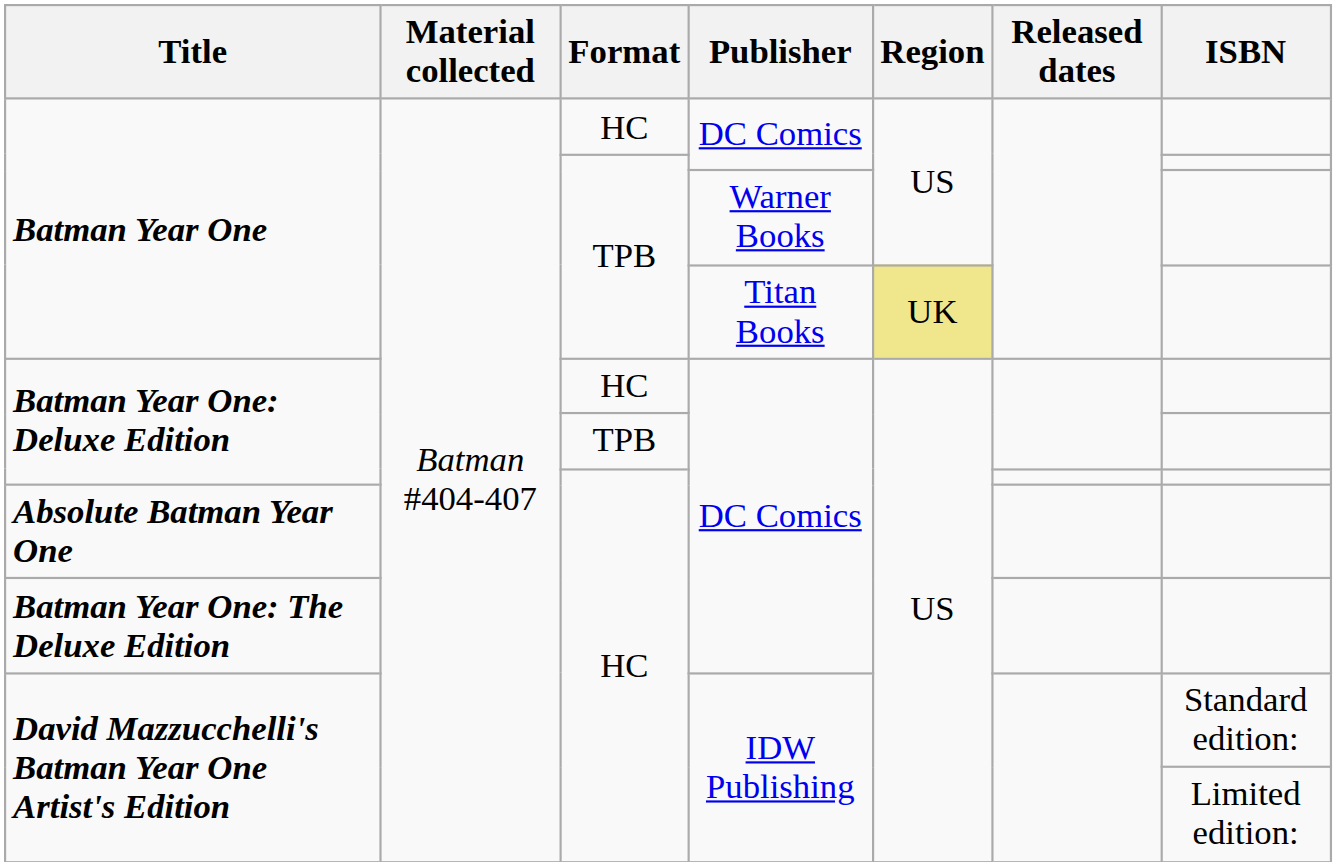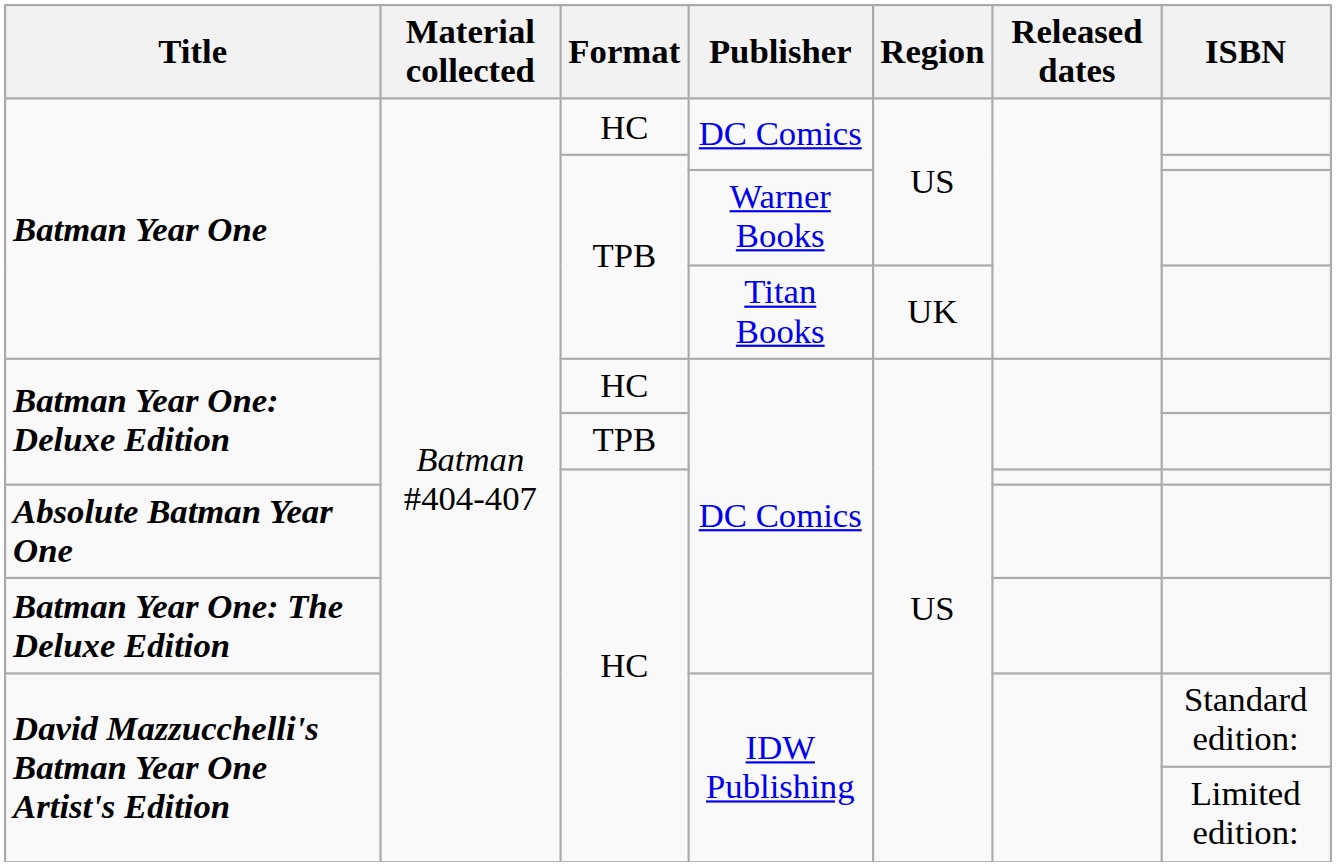 <table class="wikitable sortable" width=98%>
 <tr align="center">
 <th>Title</th>
 <th>Material collected</th>
 <th>Format</th>
 <th>Publisher</th>
 <th>Region</th>
 <th>Released dates</th>
 <th>ISBN</th>
 </tr>
 <tr align="center">
 <td rowspan=4 style="text-align: left"><strong><em>Batman Year One</em></strong></td>
 <td rowspan=11><em>Batman</em> #404-407</td>
 <td>HC</td>
 <td rowspan=2><a href='#'>DC Comics</a></td>
 <td rowspan=3>US</td>
 <td rowspan=4></td>
 <td></td>
 </tr>
 <tr align="center">
 <td rowspan=3>TPB</td>
 <td></td>
 </tr>
 <tr align="center">
 <td><a href='#'>Warner Books</a></td>
 <td></td>
 </tr>
 <tr align="center">
 <td><a href='#'>Titan Books</a></td>
-<td style="background: khaki;">UK</td>
+<td>UK</td>
 <td></td>
 </tr>
 <tr align="center">
 <td rowspan=3 style="text-align: left"><strong><em>Batman Year One: Deluxe Edition</em></strong></td>
 <td>HC</td>
 <td rowspan=5><a href='#'>DC Comics</a></td>
 <td rowspan=7>US</td>
 <td rowspan=2></td>
 <td></td>
 </tr>
 <tr align="center">
 <td>TPB</td>
 <td></td>
 </tr>
 <tr align="center">
 <td rowspan=5>HC</td>
 <td></td>
 <td></td>
 </tr>
 <tr align="center">
 <td style="text-align: left"><strong><em>Absolute Batman Year One</em></strong></td>
 <td></td>
 <td></td>
 </tr>
 <tr align="center">
 <td style="text-align: left"><strong><em>Batman Year One: The Deluxe Edition</em></strong></td>
 <td></td>
 <td></td>
 </tr>
 <tr align="center">
 <td rowspan=2 style="text-align: left"><strong><em>David Mazzucchelli's Batman Year One Artist's Edition</em></strong></td>
 <td rowspan=2><a href='#'>IDW Publishing</a></td>
 <td rowspan=2></td>
 <td>Standard edition: </td>
 </tr>
 <tr align="center">
 <td>Limited edition: </td>
 </tr>
 </table>
